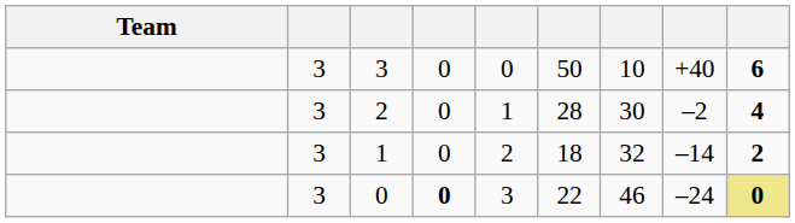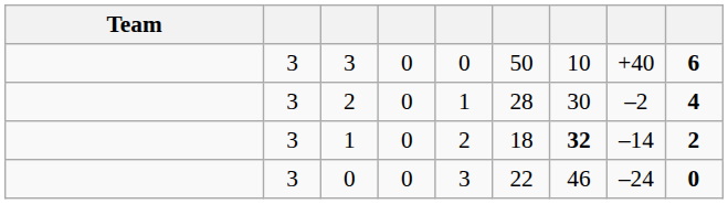 <table class="wikitable" style="text-align:center; font-size:95%;">
 <tr>
 <th width=160>Team</th>
 <th width=30></th>
 <th width=30></th>
 <th width=30></th>
 <th width=30></th>
 <th width=30></th>
 <th width=30></th>
 <th width=30></th>
 <th width=30></th>
 </tr>
 <tr>
 <td align=left></td>
 <td>3</td>
 <td>3</td>
 <td>0</td>
 <td>0</td>
 <td>50</td>
 <td>10</td>
 <td>+40</td>
 <td><strong>6</strong></td>
 </tr>
 <tr>
 <td align=left></td>
 <td>3</td>
 <td>2</td>
 <td>0</td>
 <td>1</td>
 <td>28</td>
 <td>30</td>
 <td>–2</td>
 <td><strong>4</strong></td>
 </tr>
 <tr>
 <td align=left></td>
 <td>3</td>
 <td>1</td>
 <td>0</td>
 <td>2</td>
 <td>18</td>
-<td>32</td>
+<td><strong>32</strong></td>
 <td>–14</td>
 <td><strong>2</strong></td>
 </tr>
 <tr>
 <td align=left></td>
 <td>3</td>
 <td>0</td>
-<td><strong>0</strong></td>
+<td>0</td>
 <td>3</td>
 <td>22</td>
 <td>46</td>
 <td>–24</td>
-<td style="background: khaki;"><strong>0</strong></td>
+<td><strong>0</strong></td>
 </tr>
 </table>
